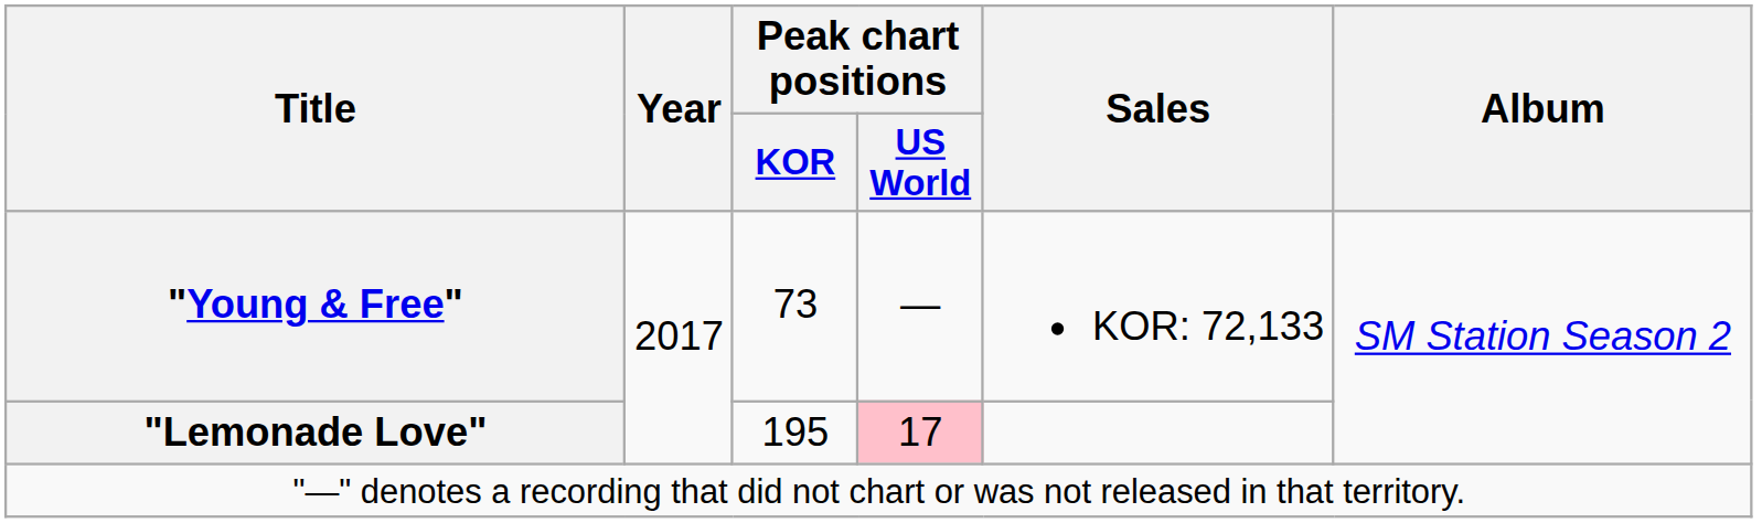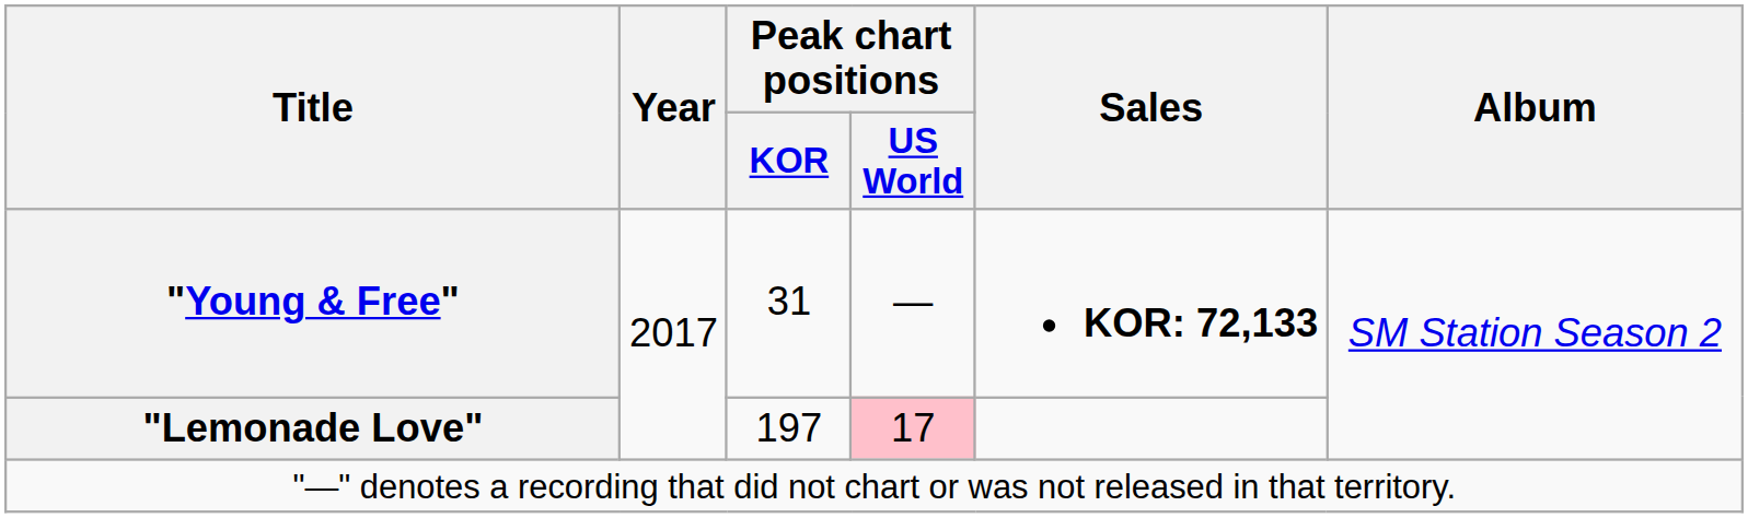 <table class="wikitable plainrowheaders" style="text-align:center;">
 <tr>
 <th scope="col" rowspan="2" style="width:15em;">Title</th>
 <th scope="col" rowspan="2">Year</th>
 <th scope="col" colspan="2">Peak chart positions</th>
 <th scope="col" rowspan="2">Sales</th>
 <th scope="col" rowspan="2" style="width:10em">Album</th>
 </tr>
 <tr>
 <th style="width:3em;font-size:90%"><a href='#'>KOR</a><br></th>
 <th style="width:3em;font-size:90%"><a href='#'>US<br>World</a><br></th>
 </tr>
 <tr>
 <th scope="row">"<a href='#'>Young & Free</a>"<br></th>
 <td rowspan="2">2017</td>
-<td>73</td>
+<td>31</td>
 <td>—</td>
-<td><br><ul><li>KOR: 72,133</li></ul></td>
+<td><strong><br><ul><li>KOR: 72,133</li></ul></strong></td>
 <td rowspan="2"><em><a href='#'>SM Station Season 2</a></em></td>
 </tr>
 <tr>
 <th scope="row">"Lemonade Love"<br></th>
-<td>195</td>
+<td>197</td>
 <td style="background: pink;">17</td>
 <td></td>
 </tr>
 <tr>
 <td colspan="6" style="font-size:85%">"—" denotes a recording that did not chart or was not released in that territory.</td>
 </tr>
 </table>
